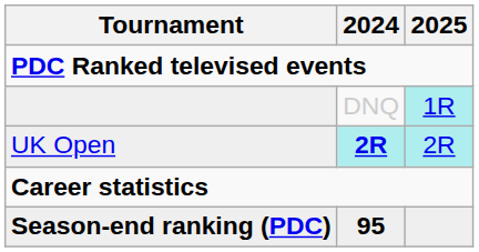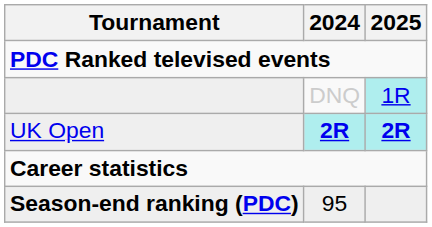 <table class="wikitable">
 <tr>
 <th>Tournament</th>
 <th>2024</th>
 <th>2025</th>
 </tr>
 <tr>
 <td colspan="11" style="text-align:left"><strong><a href='#'>PDC</a> Ranked televised events</strong></td>
 </tr>
 <tr>
 <td style="background:#efefef;"></td>
 <td style="text-align:center; color:#ccc;">DNQ</td>
 <td style="text-align:center; background:#afeeee;"><a href='#'>1R</a></td>
 </tr>
 <tr>
 <td style="background:#efefef;"><a href='#'>UK Open</a></td>
 <td style="text-align:center; background:#afeeee;"><strong><a href='#'>2R</a></strong></td>
-<td style="text-align:center; background:#afeeee;"><a href='#'>2R</a></td>
+<td style="text-align:center; background:#afeeee;"><strong><a href='#'>2R</a></strong></td>
 </tr>
 <tr>
 <td colspan="16" align="left"><strong>Career statistics</strong></td>
 </tr>
 <tr bgcolor="efefef">
 <td align="left"><strong>Season-end ranking (<a href='#'>PDC</a>)</strong></td>
-<td style="text-align:center;"><strong>95</strong></td>
+<td style="text-align:center;">95</td>
 <td></td>
 </tr>
 </table>
